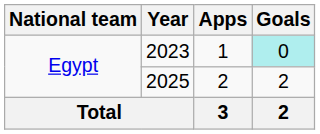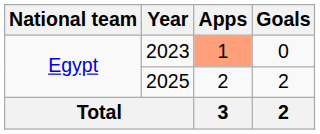 <table class="wikitable" style="text-align:center">
 <tr>
 <th>National team</th>
 <th>Year</th>
 <th>Apps</th>
 <th>Goals</th>
 </tr>
 <tr>
 <td rowspan="2"><a href='#'>Egypt</a></td>
 <td>2023</td>
-<td>1</td>
-<td style="background: paleturquoise;">0</td>
+<td style="background: lightsalmon;">1</td>
+<td>0</td>
 </tr>
 <tr>
 <td>2025</td>
 <td>2</td>
 <td>2</td>
 </tr>
 <tr>
 <th colspan="2">Total</th>
 <th>3</th>
 <th>2</th>
 </tr>
 </table>
